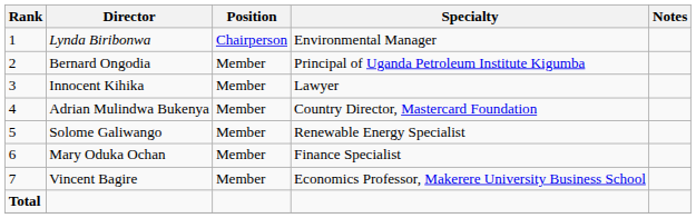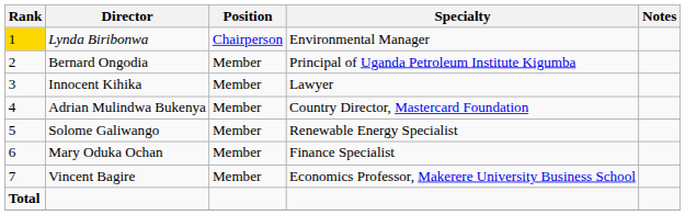 <table class="wikitable sortable" style="margin: 0.5em auto">
 <tr>
 <th>Rank</th>
 <th>Director</th>
 <th>Position</th>
 <th>Specialty</th>
 <th>Notes</th>
 </tr>
 <tr>
-<td>1</td>
+<td style="background: gold;">1</td>
 <td><em>Lynda Biribonwa</em></td>
 <td><a href='#'>Chairperson</a></td>
 <td>Environmental Manager</td>
 <td></td>
 </tr>
 <tr>
 <td>2</td>
 <td>Bernard Ongodia</td>
 <td>Member</td>
 <td>Principal of <a href='#'>Uganda Petroleum Institute Kigumba</a></td>
 <td></td>
 </tr>
 <tr>
 <td>3</td>
 <td>Innocent Kihika</td>
 <td>Member</td>
 <td>Lawyer</td>
 <td></td>
 </tr>
 <tr>
 <td>4</td>
 <td>Adrian Mulindwa Bukenya</td>
 <td>Member</td>
 <td>Country Director, <a href='#'>Mastercard Foundation</a></td>
 <td></td>
 </tr>
 <tr>
 <td>5</td>
 <td>Solome Galiwango</td>
 <td>Member</td>
 <td>Renewable Energy Specialist</td>
 <td></td>
 </tr>
 <tr>
 <td>6</td>
 <td>Mary Oduka Ochan</td>
 <td>Member</td>
 <td>Finance Specialist</td>
 <td></td>
 </tr>
 <tr>
 <td>7</td>
 <td>Vincent Bagire</td>
 <td>Member</td>
 <td>Economics Professor, <a href='#'>Makerere University Business School</a></td>
 <td></td>
 </tr>
 <tr>
 <td><strong>Total</strong></td>
 <td></td>
 <td></td>
 <td></td>
 <td></td>
 </tr>
 <tr>
 </tr>
 </table>
